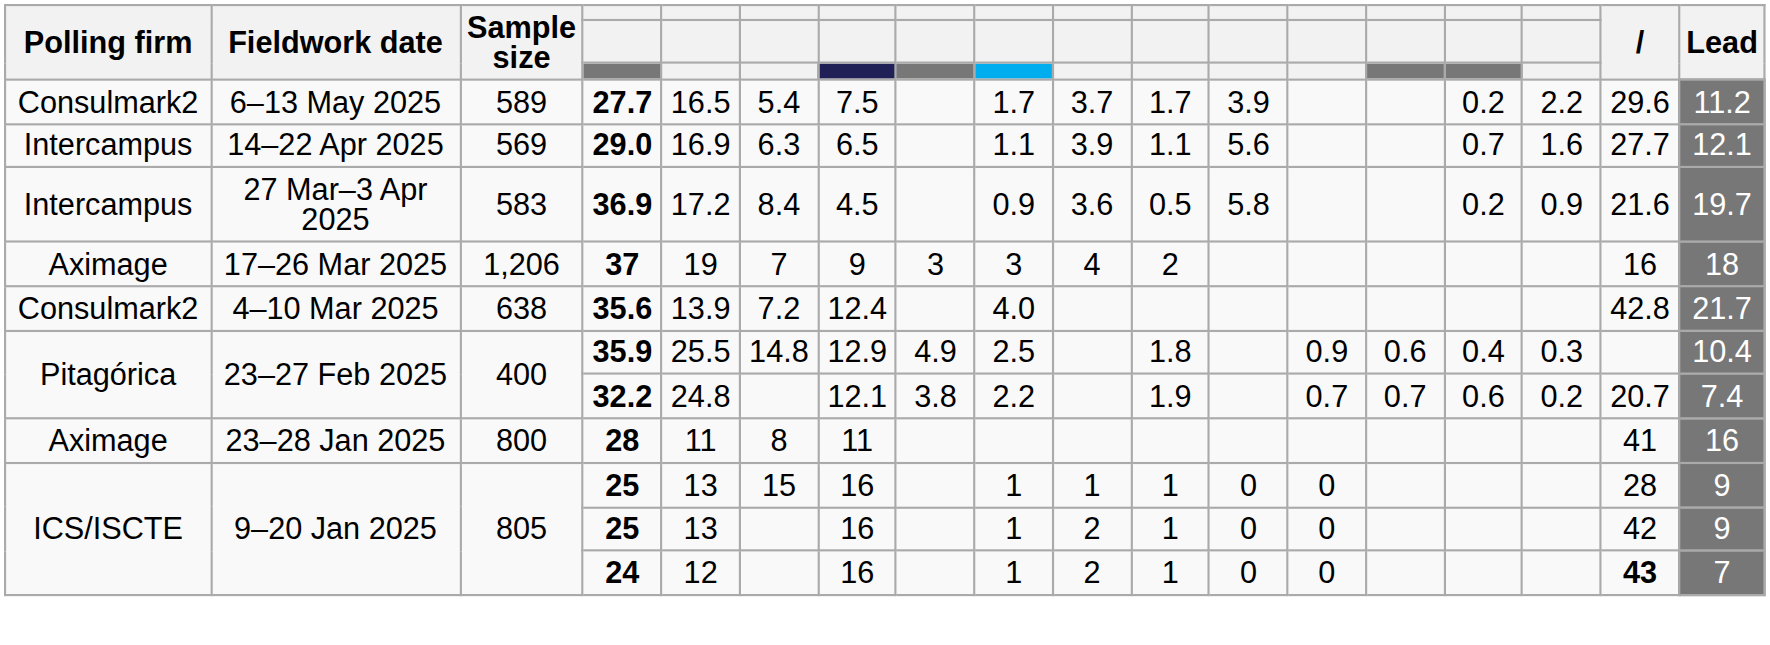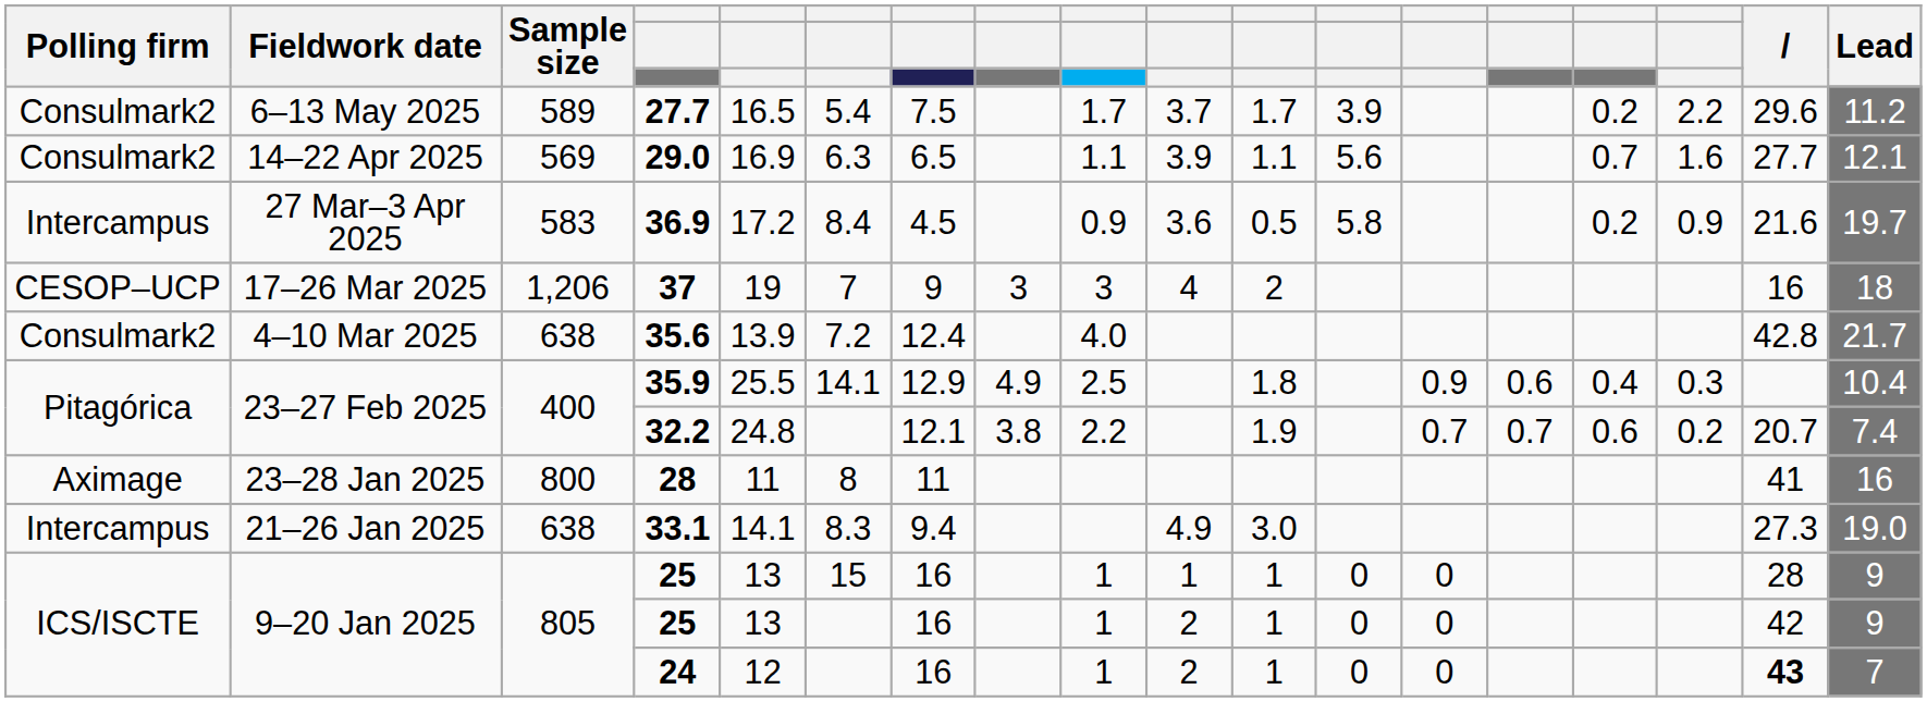 <table class="wikitable unsortable" style="text-align:center;font-size:90%;line-height:14px;">
 <tr>
 <th rowspan="3" style="width:90px;">Polling firm</th>
 <th rowspan="3" style="width:110px;">Fieldwork date</th>
 <th rowspan="3">Sample<br>size</th>
 <th></th>
 <th></th>
 <th></th>
 <th></th>
 <th></th>
 <th></th>
 <th></th>
 <th></th>
 <th></th>
 <th></th>
 <th></th>
 <th></th>
 <th></th>
 <th rowspan="3" class="unsortable" style="width:30px;">/<br></th>
 <th rowspan="3">Lead</th>
 </tr>
 <tr style="height:20px;">
 <th class="unsortable" style="width:30px;"></th>
 <th class="unsortable" style="width:30px;"></th>
 <th class="unsortable" style="width:30px;"></th>
 <th class="unsortable" style="width:30px;"></th>
 <th class="unsortable" style="width:30px;"></th>
 <th class="unsortable" style="width:30px;"></th>
 <th class="unsortable" style="width:30px;"></th>
 <th class="unsortable" style="width:30px;"></th>
 <th class="unsortable" style="width:30px;"></th>
 <th class="unsortable" style="width:30px;"></th>
 <th class="unsortable" style="width:30px;"></th>
 <th class="unsortable" style="width:30px;"></th>
 <th class="unsortable" style="width:30px;"></th>
 </tr>
 <tr>
 <th style="background:#777777;"></th>
 <th style="background:"></th>
 <th style="background:"></th>
 <th style="background:#202056;"></th>
 <th style="background:#777777;"></th>
 <th style="background:#00ADEF;"></th>
 <th style="background:"></th>
 <th style="background:"></th>
 <th style="background:"></th>
 <th style="background:"></th>
 <th style="background:#777777;"></th>
 <th style="background:#777777;"></th>
 <th style="background:"></th>
 </tr>
 <tr>
 <td>Consulmark2</td>
 <td>6–13 May 2025</td>
 <td>589</td>
 <td><strong>27.7</strong></td>
 <td>16.5</td>
 <td>5.4</td>
 <td>7.5</td>
 <td></td>
 <td>1.7</td>
 <td>3.7</td>
 <td>1.7<br></td>
 <td>3.9</td>
 <td></td>
 <td></td>
 <td>0.2</td>
 <td>2.2</td>
 <td>29.6</td>
 <td style="background:#777777; color:white;">11.2</td>
 </tr>
 <tr>
-<td>Intercampus</td>
+<td>Consulmark2</td>
 <td>14–22 Apr 2025</td>
 <td>569</td>
 <td><strong>29.0</strong></td>
 <td>16.9</td>
 <td>6.3</td>
 <td>6.5</td>
 <td></td>
 <td>1.1</td>
 <td>3.9</td>
 <td>1.1<br></td>
 <td>5.6</td>
 <td></td>
 <td></td>
 <td>0.7</td>
 <td>1.6</td>
 <td>27.7</td>
 <td style="background:#777777; color:white;">12.1</td>
 </tr>
 <tr>
 <td>Intercampus</td>
 <td>27 Mar–3 Apr 2025</td>
 <td>583</td>
 <td><strong>36.9</strong></td>
 <td>17.2</td>
 <td>8.4</td>
 <td>4.5</td>
 <td></td>
 <td>0.9</td>
 <td>3.6</td>
 <td>0.5<br></td>
 <td>5.8</td>
 <td></td>
 <td></td>
 <td>0.2</td>
 <td>0.9</td>
 <td>21.6</td>
 <td style="background:#777777; color:white;">19.7</td>
 </tr>
 <tr>
-<td>Aximage</td>
+<td>CESOP–UCP</td>
 <td>17–26 Mar 2025</td>
 <td>1,206</td>
 <td><strong>37</strong></td>
 <td>19</td>
 <td>7</td>
 <td>9</td>
 <td>3</td>
 <td>3</td>
 <td>4</td>
 <td>2<br></td>
 <td></td>
 <td></td>
 <td></td>
 <td></td>
 <td></td>
 <td>16</td>
 <td style="background:#777777; color:white;">18</td>
 </tr>
 <tr>
 <td>Consulmark2</td>
 <td>4–10 Mar 2025</td>
 <td>638</td>
 <td><strong>35.6</strong></td>
 <td>13.9</td>
 <td>7.2</td>
 <td>12.4</td>
 <td></td>
 <td>4.0</td>
 <td></td>
 <td></td>
 <td></td>
 <td></td>
 <td></td>
 <td></td>
 <td></td>
 <td>42.8</td>
 <td style="background:#777777; color:white;">21.7</td>
 </tr>
 <tr>
 <td rowspan="2">Pitagórica</td>
 <td rowspan="2">23–27 Feb 2025</td>
 <td rowspan="2">400</td>
 <td><strong>35.9</strong></td>
 <td>25.5</td>
-<td>14.8</td>
+<td>14.1</td>
 <td>12.9</td>
 <td>4.9</td>
 <td>2.5</td>
 <td></td>
 <td>1.8<br></td>
 <td></td>
 <td>0.9</td>
 <td>0.6</td>
 <td>0.4</td>
 <td>0.3</td>
 <td></td>
 <td style="background:#777777; color:white;">10.4</td>
 </tr>
 <tr>
 <td><strong>32.2</strong></td>
 <td>24.8</td>
 <td></td>
 <td>12.1</td>
 <td>3.8</td>
 <td>2.2</td>
 <td></td>
 <td>1.9<br></td>
 <td></td>
 <td>0.7</td>
 <td>0.7</td>
 <td>0.6</td>
 <td>0.2</td>
 <td>20.7</td>
 <td style="background:#777777; color:white;">7.4</td>
 </tr>
 <tr>
 <td>Aximage</td>
 <td>23–28 Jan 2025</td>
 <td>800</td>
 <td><strong>28</strong></td>
 <td>11</td>
 <td>8</td>
 <td>11</td>
 <td></td>
 <td></td>
 <td></td>
 <td></td>
 <td></td>
 <td></td>
 <td></td>
 <td></td>
 <td></td>
 <td>41</td>
 <td style="background:#777777; color:white;">16</td>
+</tr>
+<tr>
+<td>Intercampus</td>
+<td>21–26 Jan 2025</td>
+<td>638</td>
+<td><strong>33.1</strong></td>
+<td>14.1</td>
+<td>8.3</td>
+<td>9.4</td>
+<td></td>
+<td></td>
+<td>4.9</td>
+<td>3.0<br></td>
+<td></td>
+<td></td>
+<td></td>
+<td></td>
+<td></td>
+<td>27.3</td>
+<td style="background:#777777; color:white;">19.0</td>
 </tr>
 <tr>
 <td rowspan="3">ICS/ISCTE</td>
 <td rowspan="3">9–20 Jan 2025</td>
 <td rowspan="3">805</td>
 <td><strong>25</strong></td>
 <td>13</td>
 <td>15</td>
 <td>16</td>
 <td></td>
 <td>1<br></td>
 <td>1<br></td>
 <td>1</td>
 <td>0<br></td>
 <td>0<br></td>
 <td></td>
 <td></td>
 <td></td>
 <td>28</td>
 <td style="background:#777777; color:white;">9</td>
 </tr>
 <tr>
 <td><strong>25</strong></td>
 <td>13</td>
 <td></td>
 <td>16</td>
 <td></td>
 <td>1<br></td>
 <td>2<br></td>
 <td>1</td>
 <td>0<br></td>
 <td>0<br></td>
 <td></td>
 <td></td>
 <td></td>
 <td>42</td>
 <td style="background:#777777; color:white;">9</td>
 </tr>
 <tr>
 <td><strong>24</strong></td>
 <td>12</td>
 <td></td>
 <td>16</td>
 <td></td>
 <td>1<br></td>
 <td>2<br></td>
 <td>1</td>
 <td>0<br></td>
 <td>0<br></td>
 <td></td>
 <td></td>
 <td></td>
 <td><strong>43</strong></td>
 <td style="background:#777777; color:white;">7</td>
 </tr>
 </table>
